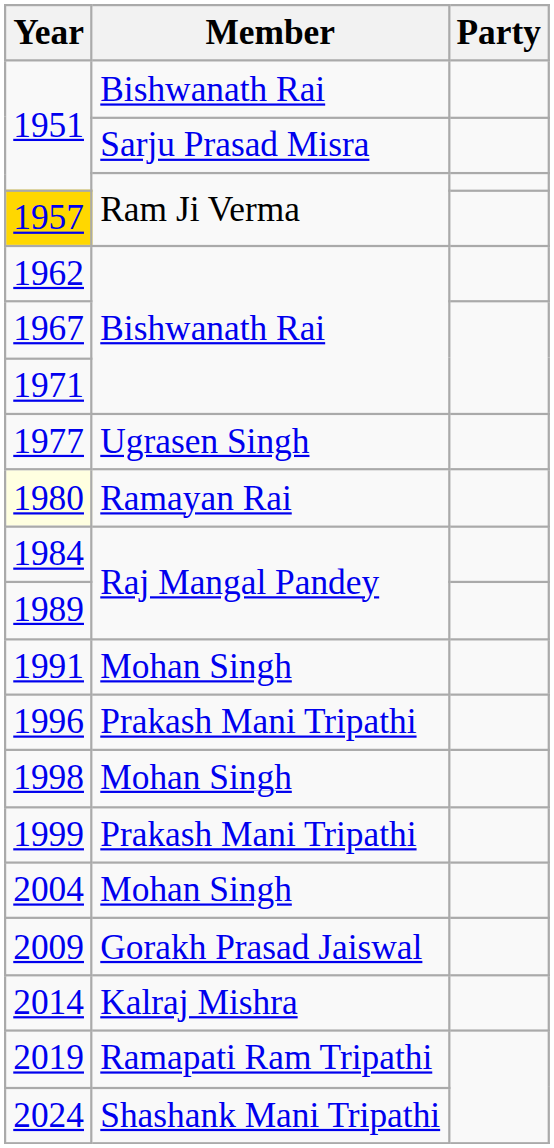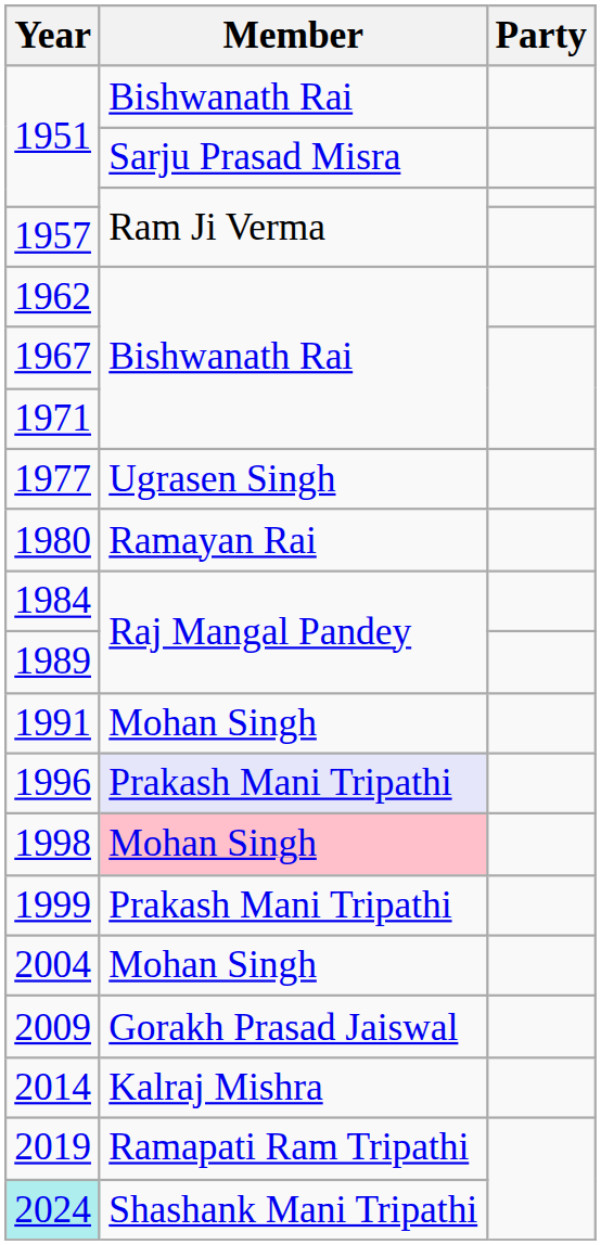 <table class="wikitable sortable">
 <tr>
 <th>Year</th>
 <th>Member</th>
 <th colspan="2">Party</th>
 </tr>
 <tr>
 <td rowspan="3"><a href='#'>1951</a></td>
 <td><a href='#'>Bishwanath Rai</a></td>
 <td></td>
 </tr>
 <tr>
 <td><a href='#'>Sarju Prasad Misra</a></td>
 </tr>
 <tr>
 <td rowspan="2">Ram Ji Verma</td>
 <td></td>
 </tr>
 <tr>
-<td style="background: gold;"><a href='#'>1957</a></td>
+<td><a href='#'>1957</a></td>
 <td></td>
 </tr>
 <tr>
 <td><a href='#'>1962</a></td>
 <td rowspan="3"><a href='#'>Bishwanath Rai</a></td>
 <td></td>
 </tr>
 <tr>
 <td><a href='#'>1967</a></td>
 </tr>
 <tr>
 <td><a href='#'>1971</a></td>
 </tr>
 <tr>
 <td><a href='#'>1977</a></td>
 <td><a href='#'>Ugrasen Singh</a></td>
 <td></td>
 </tr>
 <tr>
-<td style="background: lightyellow;"><a href='#'>1980</a></td>
+<td><a href='#'>1980</a></td>
 <td><a href='#'>Ramayan Rai</a></td>
 <td></td>
 </tr>
 <tr>
 <td><a href='#'>1984</a></td>
 <td rowspan="2"><a href='#'>Raj Mangal Pandey</a></td>
 <td></td>
 </tr>
 <tr>
 <td><a href='#'>1989</a></td>
 <td></td>
 </tr>
 <tr>
 <td><a href='#'>1991</a></td>
 <td><a href='#'>Mohan Singh</a></td>
 </tr>
 <tr>
 <td><a href='#'>1996</a></td>
-<td><a href='#'>Prakash Mani Tripathi</a></td>
+<td style="background: lavender;"><a href='#'>Prakash Mani Tripathi</a></td>
 <td></td>
 </tr>
 <tr>
 <td><a href='#'>1998</a></td>
-<td><a href='#'>Mohan Singh</a></td>
+<td style="background: pink;"><a href='#'>Mohan Singh</a></td>
 <td></td>
 </tr>
 <tr>
 <td><a href='#'>1999</a></td>
 <td><a href='#'>Prakash Mani Tripathi</a></td>
 <td></td>
 </tr>
 <tr>
 <td><a href='#'>2004</a></td>
 <td><a href='#'>Mohan Singh</a></td>
 <td></td>
 </tr>
 <tr>
 <td><a href='#'>2009</a></td>
 <td><a href='#'>Gorakh Prasad Jaiswal</a></td>
 <td></td>
 </tr>
 <tr>
 <td><a href='#'>2014</a></td>
 <td><a href='#'>Kalraj Mishra</a></td>
 <td></td>
 </tr>
 <tr>
 <td><a href='#'>2019</a></td>
 <td><a href='#'>Ramapati Ram Tripathi</a></td>
 </tr>
 <tr>
-<td><a href='#'>2024</a></td>
+<td style="background: paleturquoise;"><a href='#'>2024</a></td>
 <td><a href='#'> Shashank Mani Tripathi</a></td>
 </tr>
 </table>
